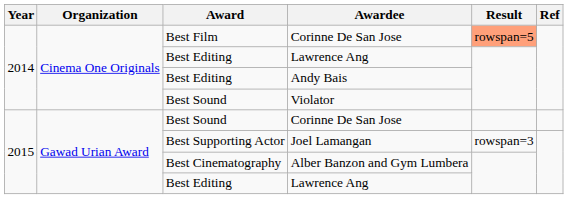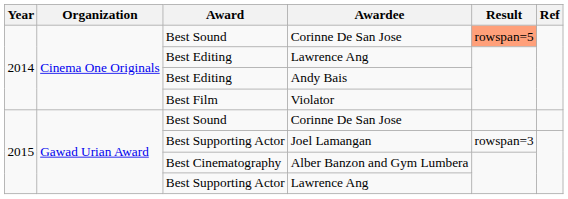 <table class="wikitable">
 <tr>
 <th>Year</th>
 <th>Organization</th>
 <th>Award</th>
 <th>Awardee</th>
 <th>Result</th>
 <th>Ref</th>
 </tr>
 <tr>
 <td rowspan=4>2014</td>
 <td rowspan=4><a href='#'>Cinema One Originals</a></td>
-<td>Best Film</td>
+<td>Best Sound</td>
 <td>Corinne De San Jose</td>
 <td style="background: lightsalmon;">rowspan=5 </td>
 <td rowspan=4></td>
 </tr>
 <tr>
 <td>Best Editing</td>
 <td>Lawrence Ang</td>
 </tr>
 <tr>
 <td>Best Editing</td>
 <td>Andy Bais</td>
 </tr>
 <tr>
-<td>Best Sound</td>
+<td>Best Film</td>
 <td>Violator</td>
 </tr>
 <tr>
 <td rowspan=4>2015</td>
 <td rowspan=4><a href='#'>Gawad Urian Award</a></td>
 <td>Best Sound</td>
 <td>Corinne De San Jose</td>
 <td></td>
 </tr>
 <tr>
 <td>Best Supporting Actor</td>
 <td>Joel Lamangan</td>
 <td>rowspan=3 </td>
 <td rowspan=3></td>
 </tr>
 <tr>
 <td>Best Cinematography</td>
 <td>Alber Banzon and Gym Lumbera</td>
 </tr>
 <tr>
-<td>Best Editing</td>
+<td>Best Supporting Actor</td>
 <td>Lawrence Ang</td>
 </tr>
 </table>
